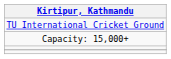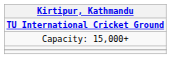 <table class="wikitable" style="text-align:center;margin:auto">
 <tr>
 <th><a href='#'>Kirtipur, Kathmandu</a></th>
 </tr>
 <tr>
-<td><a href='#'>TU International Cricket Ground</a></td>
+<td><strong><a href='#'>TU International Cricket Ground</a></strong></td>
 </tr>
 <tr>
 <td>Capacity: 15,000+</td>
 </tr>
 <tr>
 <td></td>
 </tr>
 <tr>
 </tr>
 <tr style="border:0 solid #777; text-align: center;">
 <td></td>
 </tr>
 </table>
